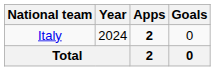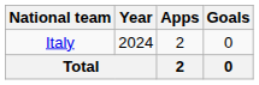 <table class="wikitable" style="text-align:center">
 <tr>
 <th>National team</th>
 <th>Year</th>
 <th>Apps</th>
 <th>Goals</th>
 </tr>
 <tr>
 <td rowspan="1"><a href='#'>Italy</a></td>
 <td>2024</td>
-<td><strong>2</strong></td>
+<td>2</td>
 <td>0</td>
 </tr>
 <tr>
 <th colspan="2">Total</th>
 <th>2</th>
 <th>0</th>
 </tr>
 </table>
